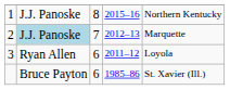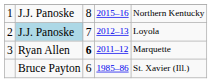 <table class="wikitable">
 <tr>
 </tr>
 <tr>
 <td>1</td>
 <td>J.J. Panoske</td>
 <td>8</td>
 <td style="font-size:80%;"><a href='#'>2015–16</a></td>
 <td style="font-size:80%;">Northern Kentucky</td>
 </tr>
 <tr>
 <td>2</td>
 <td style="background: lightblue;">J.J. Panoske</td>
 <td>7</td>
 <td style="font-size:80%;"><a href='#'>2012–13</a></td>
-<td style="font-size:80%;">Marquette</td>
+<td style="font-size:80%;">Loyola</td>
 </tr>
 <tr>
 <td>3</td>
 <td>Ryan Allen</td>
-<td>6</td>
+<td><strong>6</strong></td>
 <td style="font-size:80%;"><a href='#'>2011–12</a></td>
-<td style="font-size:80%;">Loyola</td>
+<td style="font-size:80%;">Marquette</td>
 </tr>
 <tr>
 <td></td>
 <td>Bruce Payton</td>
 <td>6</td>
 <td style="font-size:80%;"><a href='#'>1985–86</a></td>
 <td style="font-size:80%;">St. Xavier (Ill.)</td>
 </tr>
 </table>
